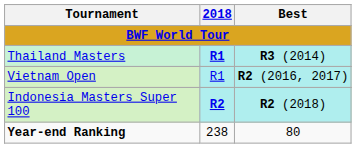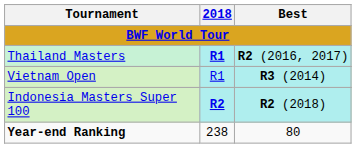 <table style='font-size: 90%; text-align:center;' class='wikitable'>
 <tr>
 <th width=180>Tournament</th>
 <th><a href='#'>2018</a></th>
 <th>Best</th>
 </tr>
 <tr bgcolor=DAA520>
 <td colspan=20 align=center><strong><a href='#'>BWF World Tour</a></strong></td>
 </tr>
 <tr>
 </tr>
 <tr bgcolor=#C7F2D5>
 <td align=left> <a href='#'>Thailand Masters</a></td>
 <td bgcolor=AFEEEE><strong><a href='#'>R1</a></strong></td>
-<td bgcolor=AFEEEE><strong>R3</strong> (2014)</td>
+<td bgcolor=AFEEEE><strong>R2</strong> (2016, 2017)</td>
 </tr>
 <tr>
 </tr>
 <tr bgcolor=#D4F1C5>
 <td align=left> <a href='#'>Vietnam Open</a></td>
 <td bgcolor=AFEEEE><a href='#'>R1</a></td>
-<td bgcolor=AFEEEE><strong>R2</strong> (2016, 2017)</td>
+<td bgcolor=AFEEEE><strong>R3</strong> (2014)</td>
 </tr>
 <tr>
 </tr>
 <tr bgcolor=#D4F1C5>
 <td align=left> <a href='#'>Indonesia Masters Super 100</a></td>
 <td bgcolor=AFEEEE><a href='#'><strong>R2</strong></a></td>
 <td bgcolor=AFEEEE><strong>R2</strong> (2018)</td>
 </tr>
 <tr>
 <td align=left><strong>Year-end Ranking</strong></td>
 <td align=center>238</td>
 <td align=center>80</td>
 </tr>
 </table>
